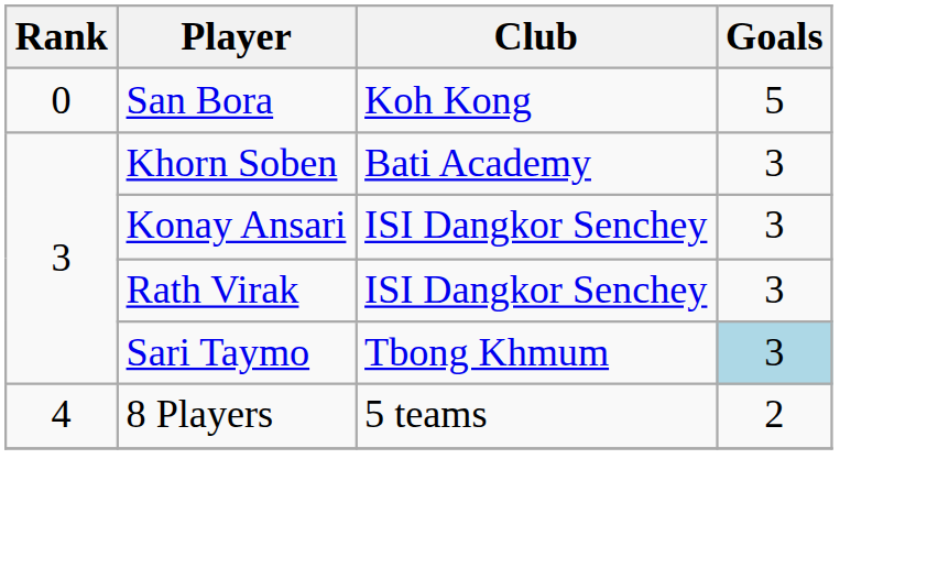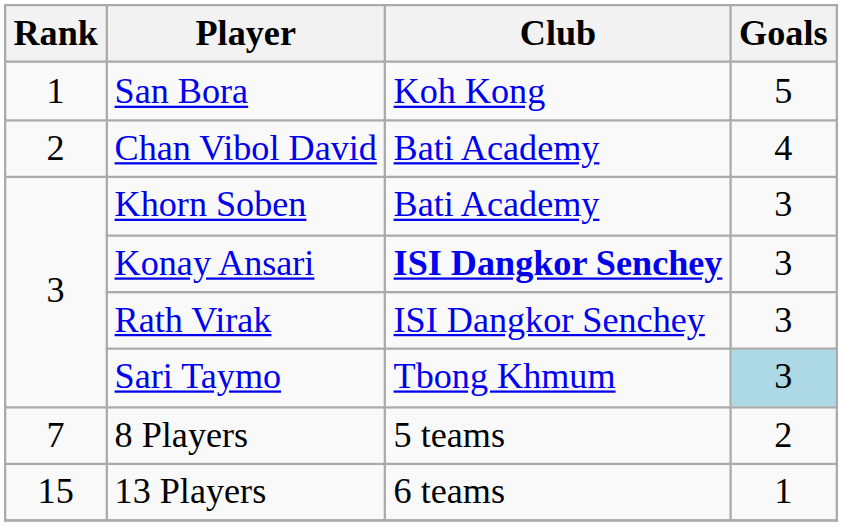 <table class="wikitable" style="text-align:center">
 <tr>
 <th>Rank</th>
 <th>Player</th>
 <th>Club</th>
 <th>Goals</th>
 </tr>
 <tr>
-<td rowspan="1">0</td>
+<td rowspan="1">1</td>
 <td align="left"> <a href='#'>San Bora</a></td>
 <td align="left"><a href='#'>Koh Kong</a></td>
 <td rowspan="1">5</td>
+</tr>
+<tr>
+<td rowspan="1">2</td>
+<td align="left"> <a href='#'>Chan Vibol David</a></td>
+<td align="left"><a href='#'>Bati Academy</a></td>
+<td rowspan="1">4</td>
 </tr>
 <tr>
 <td rowspan="4">3</td>
 <td align="left"> <a href='#'>Khorn Soben</a></td>
 <td align="left"><a href='#'>Bati Academy</a></td>
 <td rowspan="1">3</td>
 </tr>
 <tr>
 <td align="left"> <a href='#'>Konay Ansari</a></td>
-<td align="left"><a href='#'>ISI Dangkor Senchey</a></td>
+<td align="left"><strong><a href='#'>ISI Dangkor Senchey</a></strong></td>
 <td rowspan="1">3</td>
 </tr>
 <tr>
 <td align="left"> <a href='#'>Rath Virak</a></td>
 <td align="left"><a href='#'>ISI Dangkor Senchey</a></td>
 <td rowspan="1">3</td>
 </tr>
 <tr>
 <td align="left"> <a href='#'>Sari Taymo</a></td>
 <td align="left"><a href='#'>Tbong Khmum</a></td>
 <td rowspan="1" style="background: lightblue;">3</td>
 </tr>
 <tr>
-<td rowspan="1">4</td>
+<td rowspan="1">7</td>
 <td align="left"> 8 Players</td>
 <td align="left">5 teams</td>
 <td rowspan="1">2</td>
 </tr>
 <tr>
+<td rowspan="1">15</td>
+<td align="left"> 13 Players</td>
+<td align="left">6 teams</td>
+<td rowspan="1">1</td>
+</tr>
+<tr>
 </tr>
 </table>
